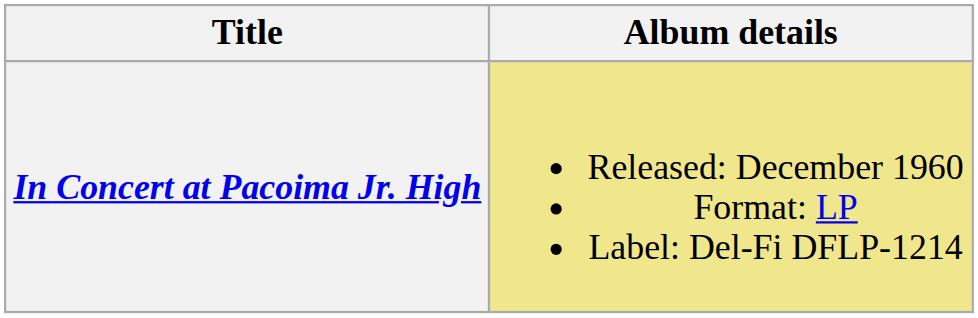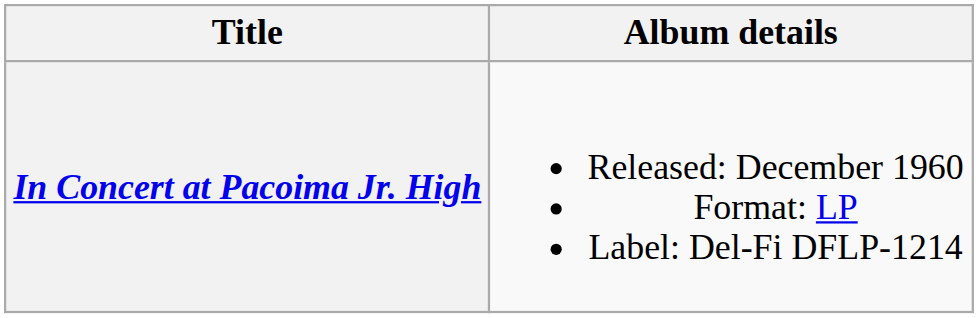 <table class="wikitable plainrowheaders" style="text-align:center;" border="1">
 <tr>
 <th>Title</th>
 <th>Album details</th>
 </tr>
 <tr>
 <th scope="row"><em><a href='#'>In Concert at Pacoima Jr. High</a></em></th>
-<td style="background: khaki;"><br><ul><li>Released: December 1960</li><li>Format: <a href='#'>LP</a></li><li>Label: Del-Fi DFLP-1214</li></ul></td>
+<td><br><ul><li>Released: December 1960</li><li>Format: <a href='#'>LP</a></li><li>Label: Del-Fi DFLP-1214</li></ul></td>
 </tr>
 </table>
